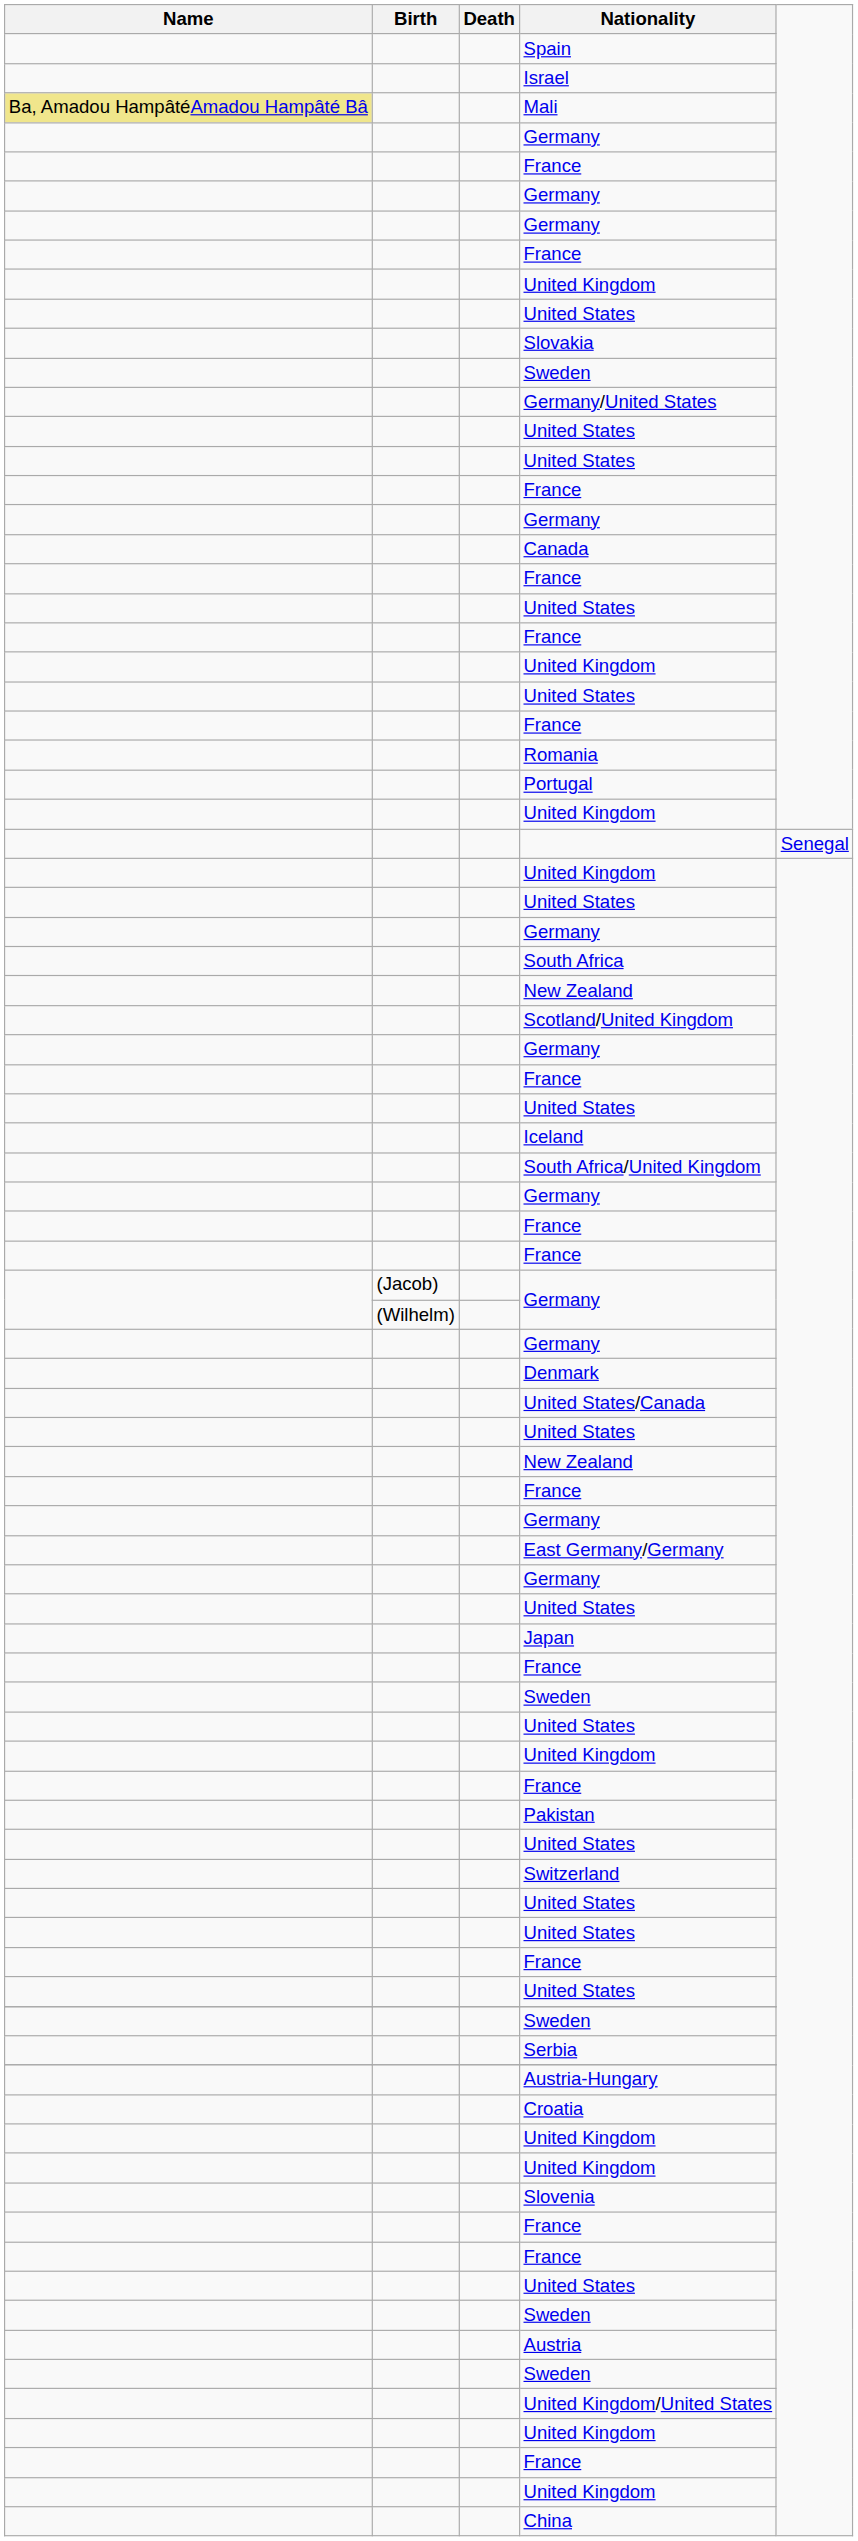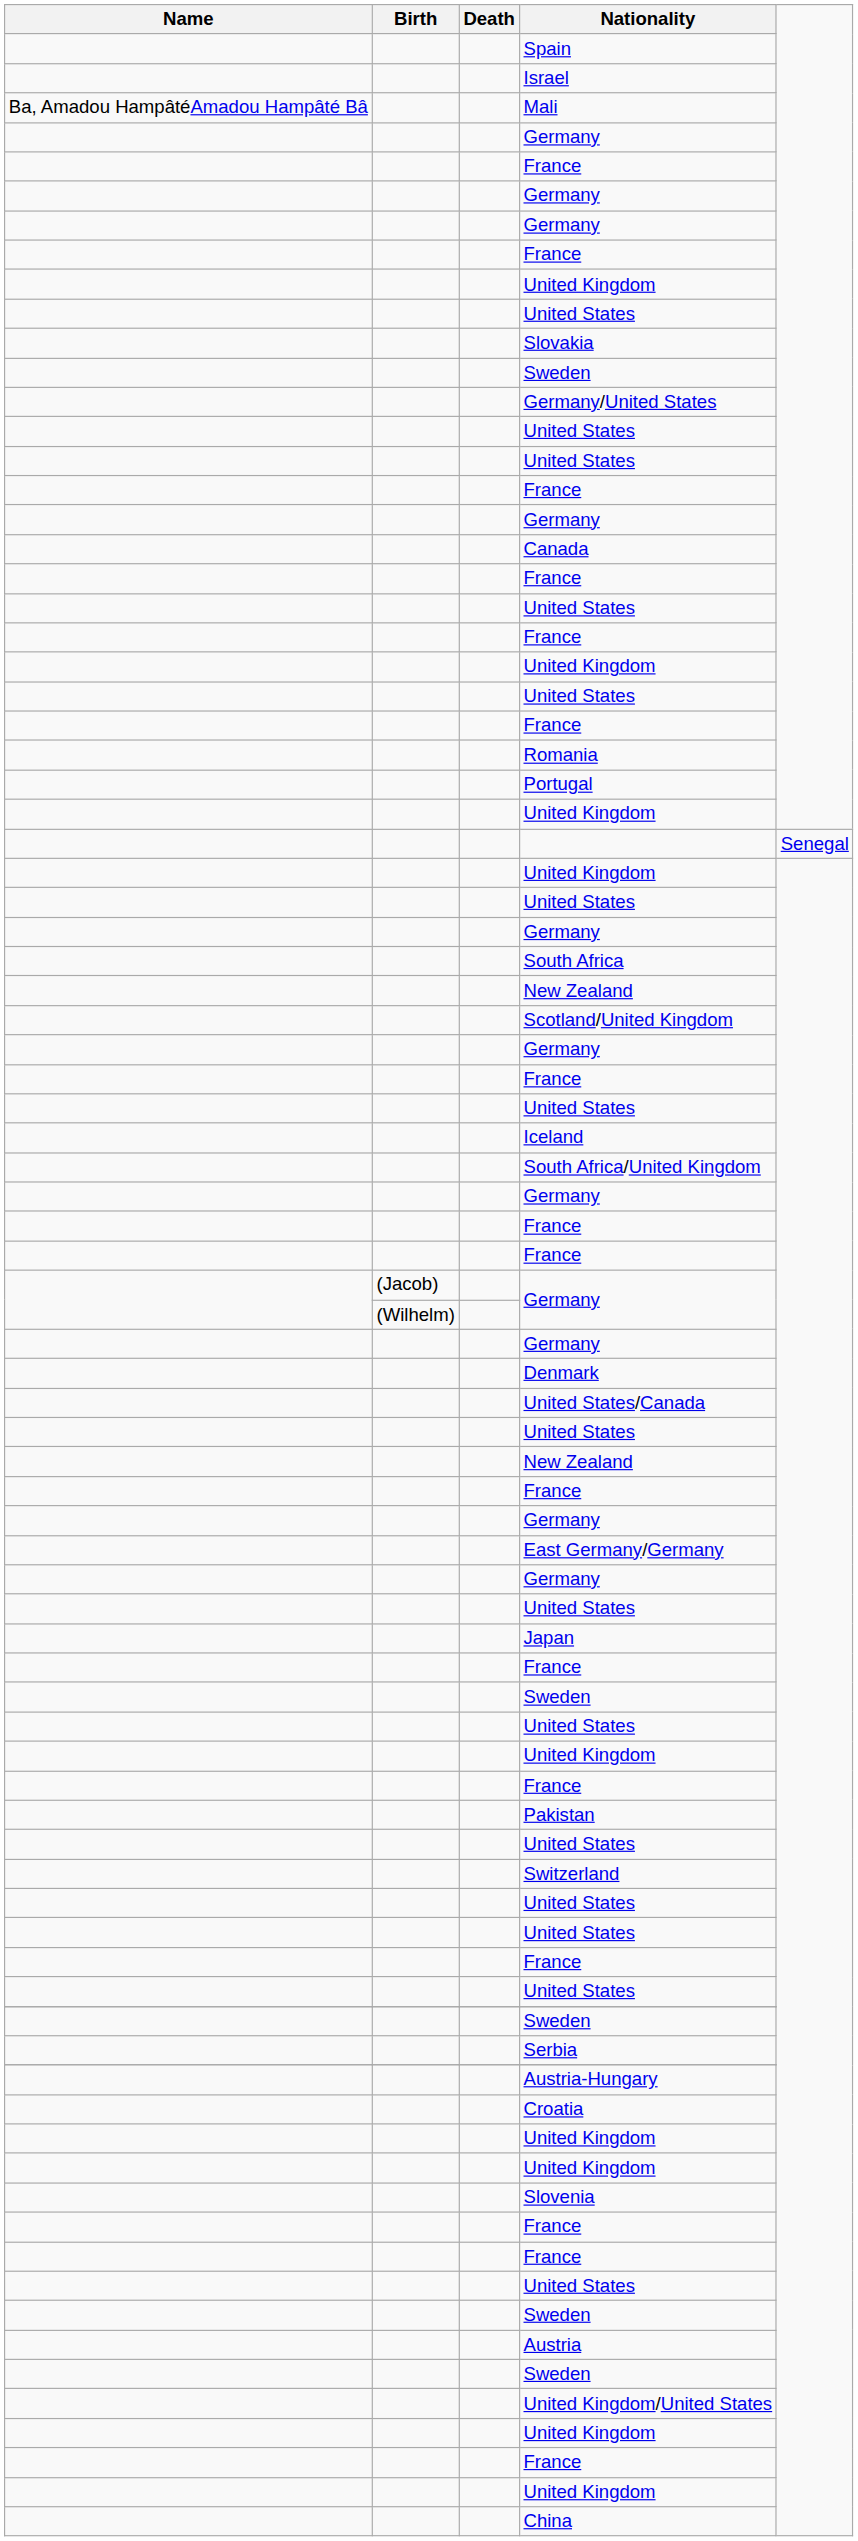 <table class="wikitable sortable">
 <tr>
 <th>Name</th>
 <th>Birth</th>
 <th>Death</th>
 <th>Nationality</th>
 </tr>
 <tr id="A">
 <td></td>
 <td></td>
 <td></td>
 <td><a href='#'>Spain</a></td>
 </tr>
 <tr>
 <td></td>
 <td></td>
 <td></td>
 <td><a href='#'>Israel</a></td>
 </tr>
 <tr id="B">
-<td style="background: khaki;"><span>Ba, Amadou Hampâté</span><a href='#'>Amadou Hampâté Bâ</a></td>
+<td><span>Ba, Amadou Hampâté</span><a href='#'>Amadou Hampâté Bâ</a></td>
 <td></td>
 <td></td>
 <td><a href='#'>Mali</a></td>
 </tr>
 <tr>
 <td></td>
 <td></td>
 <td></td>
 <td><a href='#'>Germany</a></td>
 </tr>
 <tr>
 <td></td>
 <td></td>
 <td></td>
 <td><a href='#'>France</a></td>
 </tr>
 <tr>
 <td></td>
 <td></td>
 <td></td>
 <td><a href='#'>Germany</a></td>
 </tr>
 <tr>
 <td></td>
 <td></td>
 <td></td>
 <td><a href='#'>Germany</a></td>
 </tr>
 <tr>
 <td></td>
 <td></td>
 <td></td>
 <td><a href='#'>France</a></td>
 </tr>
 <tr>
 <td></td>
 <td></td>
 <td></td>
 <td><a href='#'>United Kingdom</a></td>
 </tr>
 <tr>
 <td></td>
 <td></td>
 <td></td>
 <td><a href='#'>United States</a></td>
 </tr>
 <tr>
 <td></td>
 <td></td>
 <td></td>
 <td><a href='#'>Slovakia</a></td>
 </tr>
 <tr>
 <td></td>
 <td></td>
 <td></td>
 <td><a href='#'>Sweden</a></td>
 </tr>
 <tr>
 <td></td>
 <td></td>
 <td></td>
 <td><a href='#'>Germany</a>/<a href='#'>United States</a></td>
 </tr>
 <tr id="C">
 <td></td>
 <td></td>
 <td></td>
 <td><a href='#'>United States</a></td>
 </tr>
 <tr>
 <td></td>
 <td></td>
 <td></td>
 <td><a href='#'>United States</a></td>
 </tr>
 <tr>
 <td></td>
 <td></td>
 <td></td>
 <td><a href='#'>France</a></td>
 </tr>
 <tr>
 <td></td>
 <td></td>
 <td></td>
 <td><a href='#'>Germany</a></td>
 </tr>
 <tr id="D">
 <td></td>
 <td></td>
 <td></td>
 <td><a href='#'>Canada</a></td>
 </tr>
 <tr>
 <td></td>
 <td></td>
 <td></td>
 <td><a href='#'>France</a></td>
 </tr>
 <tr>
 <td></td>
 <td></td>
 <td></td>
 <td><a href='#'>United States</a></td>
 </tr>
 <tr>
 <td></td>
 <td></td>
 <td></td>
 <td><a href='#'>France</a></td>
 </tr>
 <tr>
 <td></td>
 <td></td>
 <td></td>
 <td><a href='#'>United Kingdom</a></td>
 </tr>
 <tr>
 <td></td>
 <td></td>
 <td></td>
 <td><a href='#'>United States</a></td>
 </tr>
 <tr>
 <td></td>
 <td></td>
 <td></td>
 <td><a href='#'>France</a></td>
 </tr>
 <tr id="E">
 <td></td>
 <td></td>
 <td></td>
 <td><a href='#'>Romania</a></td>
 </tr>
 <tr>
 <td></td>
 <td></td>
 <td></td>
 <td><a href='#'>Portugal</a></td>
 </tr>
 <tr>
 <td></td>
 <td></td>
 <td></td>
 <td><a href='#'>United Kingdom</a></td>
 </tr>
 <tr id="F">
 <td></td>
 <td></td>
 <td></td>
 <td></td>
 <td><a href='#'>Senegal</a></td>
 </tr>
 <tr>
 <td></td>
 <td></td>
 <td></td>
 <td><a href='#'>United Kingdom</a></td>
 </tr>
 <tr>
 <td></td>
 <td></td>
 <td></td>
 <td><a href='#'>United States</a></td>
 </tr>
 <tr>
 <td></td>
 <td></td>
 <td></td>
 <td><a href='#'>Germany</a></td>
 </tr>
 <tr>
 <td></td>
 <td></td>
 <td></td>
 <td><a href='#'>South Africa</a></td>
 </tr>
 <tr>
 <td></td>
 <td></td>
 <td></td>
 <td><a href='#'>New Zealand</a></td>
 </tr>
 <tr>
 <td></td>
 <td></td>
 <td></td>
 <td><a href='#'>Scotland</a>/<a href='#'>United Kingdom</a></td>
 </tr>
 <tr>
 <td></td>
 <td></td>
 <td></td>
 <td><a href='#'>Germany</a></td>
 </tr>
 <tr id="G">
 <td></td>
 <td></td>
 <td></td>
 <td><a href='#'>France</a></td>
 </tr>
 <tr>
 <td></td>
 <td></td>
 <td></td>
 <td><a href='#'>United States</a></td>
 </tr>
 <tr>
 <td></td>
 <td></td>
 <td></td>
 <td><a href='#'>Iceland</a></td>
 </tr>
 <tr>
 <td></td>
 <td></td>
 <td></td>
 <td><a href='#'>South Africa</a>/<a href='#'>United Kingdom</a></td>
 </tr>
 <tr>
 <td></td>
 <td></td>
 <td></td>
 <td><a href='#'>Germany</a></td>
 </tr>
 <tr>
 <td></td>
 <td></td>
 <td></td>
 <td><a href='#'>France</a></td>
 </tr>
 <tr>
 <td></td>
 <td></td>
 <td></td>
 <td><a href='#'>France</a></td>
 </tr>
 <tr>
 <td rowspan="2"></td>
 <td> (Jacob)</td>
 <td></td>
 <td rowspan="2"><a href='#'>Germany</a></td>
 </tr>
 <tr>
 <td> (Wilhelm)</td>
 <td></td>
 </tr>
 <tr>
 <td></td>
 <td></td>
 <td></td>
 <td><a href='#'>Germany</a></td>
 </tr>
 <tr id="H">
 <td></td>
 <td></td>
 <td></td>
 <td><a href='#'>Denmark</a></td>
 </tr>
 <tr>
 <td></td>
 <td></td>
 <td></td>
 <td><a href='#'>United States</a>/<a href='#'>Canada</a></td>
 </tr>
 <tr>
 <td></td>
 <td></td>
 <td></td>
 <td><a href='#'>United States</a></td>
 </tr>
 <tr>
 <td></td>
 <td></td>
 <td></td>
 <td><a href='#'>New Zealand</a></td>
 </tr>
 <tr id="J">
 <td></td>
 <td></td>
 <td></td>
 <td><a href='#'>France</a></td>
 </tr>
 <tr>
 <td></td>
 <td></td>
 <td></td>
 <td><a href='#'>Germany</a></td>
 </tr>
 <tr id="K">
 <td></td>
 <td></td>
 <td></td>
 <td><a href='#'>East Germany</a>/<a href='#'>Germany</a></td>
 </tr>
 <tr>
 <td></td>
 <td></td>
 <td></td>
 <td><a href='#'>Germany</a></td>
 </tr>
 <tr>
 <td></td>
 <td></td>
 <td></td>
 <td><a href='#'>United States</a></td>
 </tr>
 <tr>
 <td></td>
 <td></td>
 <td></td>
 <td><a href='#'>Japan</a></td>
 </tr>
 <tr id="L">
 <td></td>
 <td></td>
 <td></td>
 <td><a href='#'>France</a></td>
 </tr>
 <tr>
 <td></td>
 <td></td>
 <td></td>
 <td><a href='#'>Sweden</a></td>
 </tr>
 <tr>
 <td></td>
 <td></td>
 <td></td>
 <td><a href='#'>United States</a></td>
 </tr>
 <tr id="M">
 <td></td>
 <td></td>
 <td></td>
 <td><a href='#'>United Kingdom</a></td>
 </tr>
 <tr>
 <td></td>
 <td></td>
 <td></td>
 <td><a href='#'>France</a></td>
 </tr>
 <tr>
 <td></td>
 <td></td>
 <td></td>
 <td><a href='#'>Pakistan</a></td>
 </tr>
 <tr>
 <td></td>
 <td></td>
 <td></td>
 <td><a href='#'>United States</a></td>
 </tr>
 <tr>
 <td></td>
 <td></td>
 <td></td>
 <td><a href='#'>Switzerland</a></td>
 </tr>
 <tr>
 <td></td>
 <td></td>
 <td></td>
 <td><a href='#'>United States</a></td>
 </tr>
 <tr id="N">
 <td><br></td>
 <td></td>
 <td></td>
 <td><a href='#'>United States</a></td>
 </tr>
 <tr>
 <td><br></td>
 <td></td>
 <td></td>
 <td><a href='#'>France</a></td>
 </tr>
 <tr>
 <td></td>
 <td></td>
 <td></td>
 <td><a href='#'>United States</a></td>
 </tr>
 <tr id="O">
 </tr>
 <tr>
 <td></td>
 <td></td>
 <td></td>
 <td><a href='#'>Sweden</a></td>
 </tr>
 <tr>
 <td></td>
 <td></td>
 <td></td>
 <td><a href='#'>Serbia</a></td>
 </tr>
 <tr id="P">
 </tr>
 <tr>
 <td></td>
 <td></td>
 <td></td>
 <td><a href='#'>Austria-Hungary</a></td>
 </tr>
 <tr id="R">
 <td></td>
 <td></td>
 <td></td>
 <td><a href='#'>Croatia</a></td>
 </tr>
 <tr>
 <td></td>
 <td></td>
 <td></td>
 <td><a href='#'>United Kingdom</a></td>
 </tr>
 <tr>
 <td></td>
 <td></td>
 <td></td>
 <td><a href='#'>United Kingdom</a></td>
 </tr>
 <tr>
 <td></td>
 <td></td>
 <td></td>
 <td><a href='#'>Slovenia</a></td>
 </tr>
 <tr>
 <td></td>
 <td></td>
 <td></td>
 <td><a href='#'>France</a></td>
 </tr>
 <tr>
 <td></td>
 <td></td>
 <td></td>
 <td><a href='#'>France</a></td>
 </tr>
 <tr id="S">
 <td></td>
 <td></td>
 <td></td>
 <td><a href='#'>United States</a></td>
 </tr>
 <tr>
 <td></td>
 <td></td>
 <td></td>
 <td><a href='#'>Sweden</a></td>
 </tr>
 <tr>
 <td></td>
 <td></td>
 <td></td>
 <td><a href='#'>Austria</a></td>
 </tr>
 <tr id="T">
 <td></td>
 <td></td>
 <td></td>
 <td><a href='#'>Sweden</a></td>
 </tr>
 <tr>
 <td></td>
 <td></td>
 <td></td>
 <td><a href='#'>United Kingdom</a>/<a href='#'>United States</a></td>
 </tr>
 <tr>
 <td></td>
 <td></td>
 <td></td>
 <td><a href='#'>United Kingdom</a></td>
 </tr>
 <tr id="V">
 <td></td>
 <td></td>
 <td></td>
 <td><a href='#'>France</a></td>
 </tr>
 <tr>
 <td></td>
 <td></td>
 <td></td>
 <td><a href='#'>United Kingdom</a></td>
 </tr>
 <tr id="X">
 <td></td>
 <td></td>
 <td></td>
 <td><a href='#'>China</a></td>
 </tr>
 </table>
